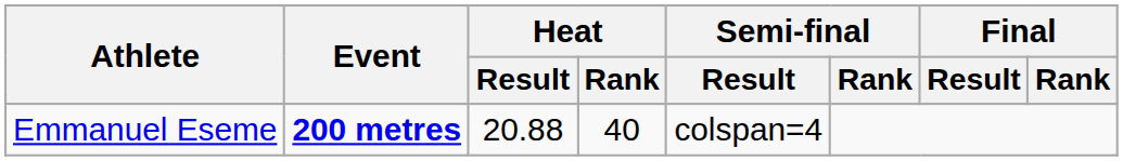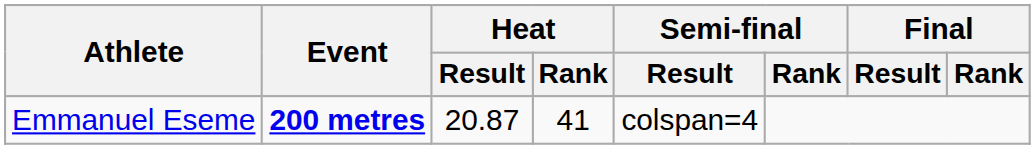 <table class="wikitable" style="font-size:90%">
 <tr>
 <th rowspan="2">Athlete</th>
 <th rowspan="2">Event</th>
 <th colspan="2">Heat</th>
 <th colspan="2">Semi-final</th>
 <th colspan="2">Final</th>
 </tr>
 <tr style="font-size:95%">
 <th>Result</th>
 <th>Rank</th>
 <th>Result</th>
 <th>Rank</th>
 <th>Result</th>
 <th>Rank</th>
 </tr>
 <tr style=text-align:center>
 <td style=text-align:left><a href='#'>Emmanuel Eseme</a></td>
 <td style=text-align:left><strong><a href='#'>200 metres</a></strong></td>
-<td>20.88</td>
-<td>40</td>
+<td>20.87</td>
+<td>41</td>
 <td>colspan=4 </td>
 </tr>
 </table>
